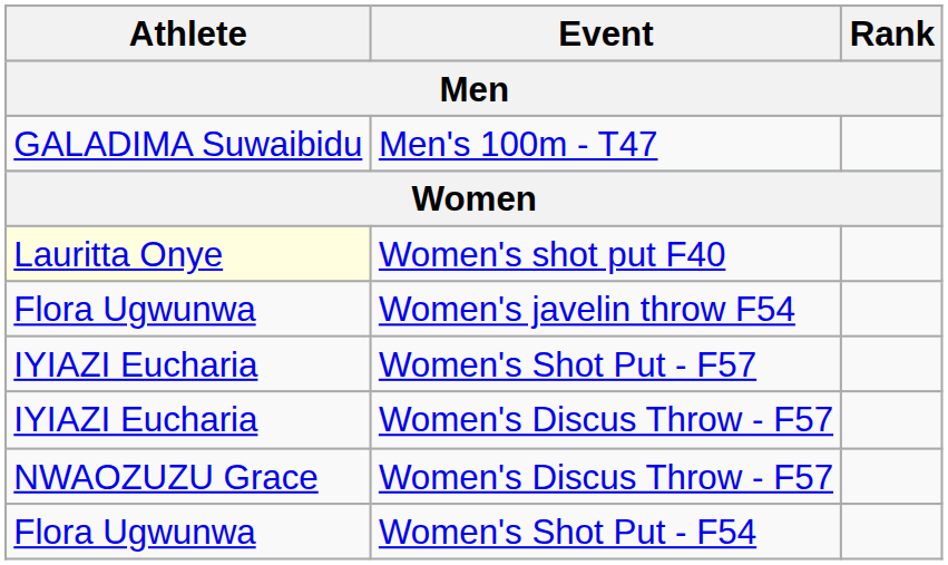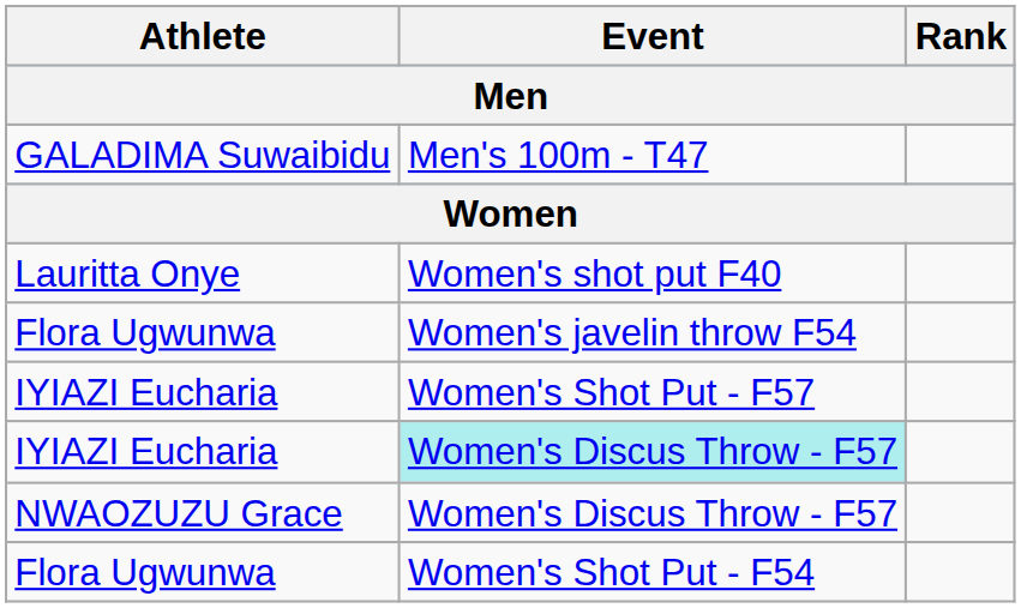 <table class=wikitable style="font-size:95%">
 <tr>
 <th>Athlete</th>
 <th>Event</th>
 <th>Rank</th>
 </tr>
 <tr style="background:#9acdff;">
 <th colspan=5>Men</th>
 </tr>
 <tr>
 <td><a href='#'>GALADIMA Suwaibidu</a></td>
 <td><a href='#'>Men's 100m - T47</a></td>
 <td></td>
 </tr>
 <tr style="background:#9acdff;">
 <th colspan=5>Women</th>
 </tr>
 <tr>
-<td style="background: lightyellow;"><a href='#'>Lauritta Onye</a></td>
+<td><a href='#'>Lauritta Onye</a></td>
 <td><a href='#'>Women's shot put F40</a></td>
 <td></td>
 </tr>
 <tr>
 <td><a href='#'>Flora Ugwunwa</a></td>
 <td><a href='#'>Women's javelin throw F54</a></td>
 <td align=center></td>
 </tr>
 <tr>
 <td><a href='#'>IYIAZI Eucharia</a></td>
 <td><a href='#'>Women's Shot Put - F57</a></td>
 <td></td>
 </tr>
 <tr>
 <td><a href='#'>IYIAZI Eucharia</a></td>
-<td><a href='#'>Women's Discus Throw - F57</a></td>
+<td style="background: paleturquoise;"><a href='#'>Women's Discus Throw - F57</a></td>
 <td></td>
 </tr>
 <tr>
 <td><a href='#'>NWAOZUZU Grace</a></td>
 <td><a href='#'>Women's Discus Throw - F57</a></td>
 <td></td>
 </tr>
 <tr>
 <td><a href='#'>Flora Ugwunwa</a></td>
 <td><a href='#'>  Women's Shot Put - F54</a></td>
 <td></td>
 </tr>
 </table>
